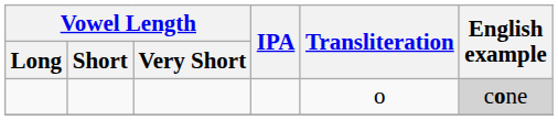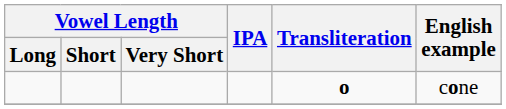 <table class="wikitable">
 <tr>
 <th colspan=3><a href='#'>Vowel Length</a></th>
 <th rowspan=2><a href='#'>IPA</a></th>
 <th rowspan=2><a href='#'>Transliteration</a></th>
 <th rowspan=2>English<br>example</th>
 </tr>
 <tr>
 <th>Long</th>
 <th>Short</th>
 <th>Very Short</th>
 </tr>
 <tr align=center>
 <td style="font-size:24px; padding-bottom:12px; line-height:normal"></td>
 <td style="font-size:26px; padding-bottom:12px; line-height:normal"></td>
 <td style="font-size:26px; padding-bottom:12px; line-height:normal"></td>
 <td style="font-size:125%"></td>
-<td>o</td>
-<td style="background: lightgrey;">c<strong>o</strong>ne</td>
+<td><strong>o</strong></td>
+<td>c<strong>o</strong>ne</td>
 </tr>
 <tr>
 </tr>
 </table>
